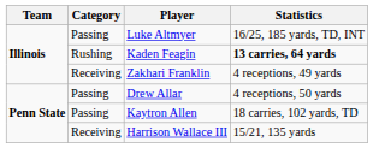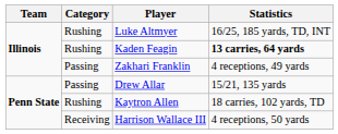 <table class="wikitable" style="float: right;">
 <tr>
 <th>Team</th>
 <th>Category</th>
 <th>Player</th>
 <th>Statistics</th>
 </tr>
 <tr>
 <td rowspan=3><strong>Illinois</strong></td>
-<td>Passing</td>
+<td>Rushing</td>
 <td><a href='#'>Luke Altmyer</a></td>
 <td>16/25, 185 yards, TD, INT</td>
 </tr>
 <tr>
 <td>Rushing</td>
 <td><a href='#'>Kaden Feagin</a></td>
 <td><strong>13 carries, 64 yards</strong></td>
 </tr>
 <tr>
-<td>Receiving</td>
+<td>Passing</td>
 <td><a href='#'>Zakhari Franklin</a></td>
 <td>4 receptions, 49 yards</td>
 </tr>
 <tr>
 <td rowspan=3><strong>Penn State</strong></td>
 <td>Passing</td>
 <td><a href='#'>Drew Allar</a></td>
-<td>4 receptions, 50 yards</td>
+<td>15/21, 135 yards</td>
 </tr>
 <tr>
-<td>Passing</td>
+<td>Rushing</td>
 <td><a href='#'>Kaytron Allen</a></td>
 <td>18 carries, 102 yards, TD</td>
 </tr>
 <tr>
 <td>Receiving</td>
 <td><a href='#'>Harrison Wallace III</a></td>
-<td>15/21, 135 yards</td>
+<td>4 receptions, 50 yards</td>
 </tr>
 </table>
